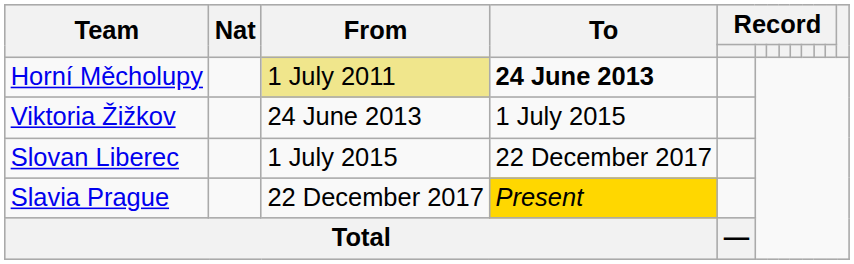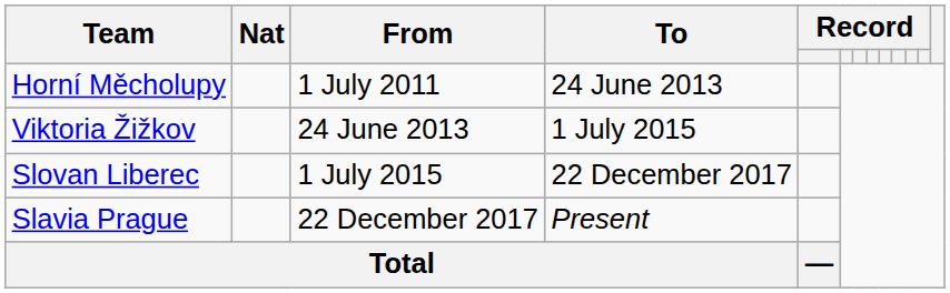 <table class="wikitable" style="text-align: center">
 <tr>
 <th rowspan="2">Team</th>
 <th rowspan="2">Nat</th>
 <th rowspan="2">From</th>
 <th rowspan="2">To</th>
 <th colspan="8">Record</th>
 <th rowspan=2></th>
 </tr>
 <tr>
 <th></th>
 <th></th>
 <th></th>
 <th></th>
 <th></th>
 <th></th>
 <th></th>
 <th></th>
 </tr>
 <tr>
 <td align="left"><a href='#'>Horní Měcholupy</a></td>
 <td></td>
-<td align=left style="background: khaki;">1 July 2011</td>
-<td align=left><strong>24 June 2013<br></strong></td>
+<td align=left>1 July 2011</td>
+<td align=left>24 June 2013<br></td>
 <td></td>
 </tr>
 <tr>
 <td align="left"><a href='#'>Viktoria Žižkov</a></td>
 <td></td>
 <td align=left>24 June 2013</td>
 <td align=left>1 July 2015<br></td>
 <td></td>
 </tr>
 <tr>
 <td align="left"><a href='#'>Slovan Liberec</a></td>
 <td></td>
 <td align=left>1 July 2015</td>
 <td align=left>22 December 2017<br></td>
 <td></td>
 </tr>
 <tr>
 <td align="left"><a href='#'>Slavia Prague</a></td>
 <td></td>
 <td align=left>22 December 2017</td>
-<td align=left style="background: gold;"><em>Present</em><br></td>
+<td align=left><em>Present</em><br></td>
 <td></td>
 </tr>
 <tr>
 <th colspan=4>Total<br></th>
 <th>—</th>
 </tr>
 </table>
